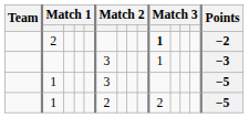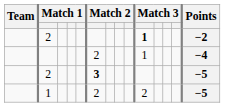 <table class="wikitable sortable" style="text-align:center;">
 <tr>
 <th rowspan=2>Team</th>
 <th colspan=4 style="border-left:3px solid gray">Match 1</th>
 <th colspan=4 style="border-left:3px solid gray">Match 2</th>
 <th colspan=4 style="border-left:3px solid gray">Match 3</th>
 <th rowspan=2 style="border-left:3px solid gray">Points</th>
 </tr>
 <tr>
 <th style="border-left:3px solid gray"></th>
 <th></th>
 <th></th>
 <th></th>
 <th style="border-left:3px solid gray"></th>
 <th></th>
 <th></th>
 <th></th>
 <th style="border-left:3px solid gray"></th>
 <th></th>
 <th></th>
 <th></th>
 </tr>
 <tr>
 <td align=left></td>
 <td style="border-left:3px solid gray">2</td>
 <td></td>
 <td></td>
 <td></td>
 <td style="border-left:3px solid gray"></td>
 <td></td>
 <td></td>
 <td></td>
 <td style="border-left:3px solid gray"><strong>1</strong></td>
 <td></td>
 <td></td>
 <td></td>
 <th style="border-left:3px solid gray">−2</th>
 </tr>
 <tr>
 <td align=left></td>
 <td style="border-left:3px solid gray"></td>
 <td></td>
 <td></td>
 <td></td>
-<td style="border-left:3px solid gray">3</td>
+<td style="border-left:3px solid gray">2</td>
 <td></td>
 <td></td>
 <td></td>
 <td style="border-left:3px solid gray">1</td>
 <td></td>
 <td></td>
 <td></td>
-<th style="border-left:3px solid gray">−3</th>
+<th style="border-left:3px solid gray">−4</th>
 </tr>
 <tr>
 <td align=left></td>
-<td style="border-left:3px solid gray">1</td>
+<td style="border-left:3px solid gray">2</td>
 <td></td>
 <td></td>
 <td></td>
-<td style="border-left:3px solid gray">3</td>
+<td style="border-left:3px solid gray"><strong>3</strong></td>
 <td></td>
 <td></td>
 <td></td>
 <td style="border-left:3px solid gray"></td>
 <td></td>
 <td></td>
 <td></td>
 <th style="border-left:3px solid gray">−5</th>
 </tr>
 <tr>
 <td align=left></td>
 <td style="border-left:3px solid gray">1</td>
 <td></td>
 <td></td>
 <td></td>
 <td style="border-left:3px solid gray">2</td>
 <td></td>
 <td></td>
 <td></td>
 <td style="border-left:3px solid gray">2</td>
 <td></td>
 <td></td>
 <td></td>
 <th style="border-left:3px solid gray">−5</th>
 </tr>
 </table>
